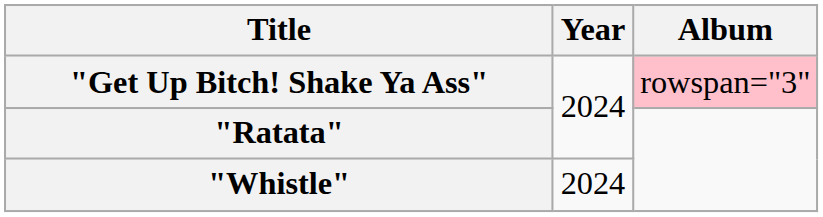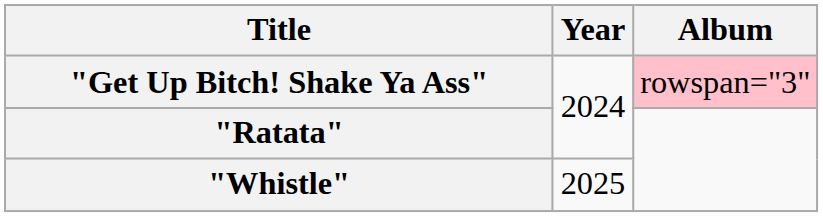 <table class="wikitable plainrowheaders" style="text-align:center;">
 <tr>
 <th scope="col" style="width:16.5em;">Title</th>
 <th scope="col" style="width:1em;">Year</th>
 <th scope="col">Album</th>
 </tr>
 <tr>
 <th scope="row">"Get Up Bitch! Shake Ya Ass" <br></th>
 <td rowspan="2">2024</td>
 <td style="background: pink;">rowspan="3" </td>
 </tr>
 <tr>
 <th scope="row">"Ratata"</th>
 </tr>
 <tr>
 <th scope="row">"Whistle"</th>
-<td rowspan="1">2024</td>
+<td rowspan="1">2025</td>
 </tr>
 </table>
